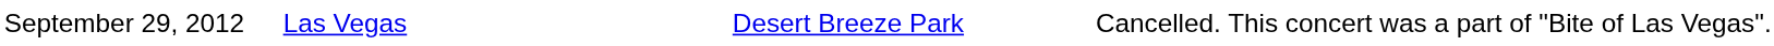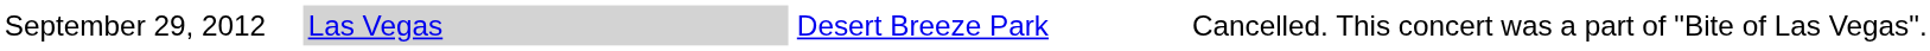 <table cellpadding="2" style="border: 0px solid darkgray; font-size:90%">
 <tr>
 <th width="150"></th>
 <th width="250"></th>
 <th width="200"></th>
 <th width="700"></th>
 </tr>
 <tr border="0">
 <td>September 29, 2012</td>
-<td><a href='#'>Las Vegas</a></td>
+<td style="background: lightgrey;"><a href='#'>Las Vegas</a></td>
 <td><a href='#'>Desert Breeze Park</a></td>
 <td>Cancelled. This concert was a part of "Bite of Las Vegas".</td>
 </tr>
 </table>
